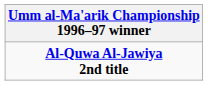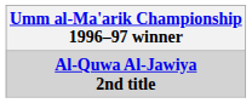 <table class="wikitable" style="text-align: center; margin: 0 auto;">
 <tr>
 <th><a href='#'>Umm al-Ma'arik Championship</a><br>1996–97 winner</th>
 </tr>
 <tr>
-<td><strong><a href='#'>Al-Quwa Al-Jawiya</a></strong><br><strong>2nd title</strong></td>
+<td style="background: lightgrey;"><strong><a href='#'>Al-Quwa Al-Jawiya</a></strong><br><strong>2nd title</strong></td>
 </tr>
 </table>
